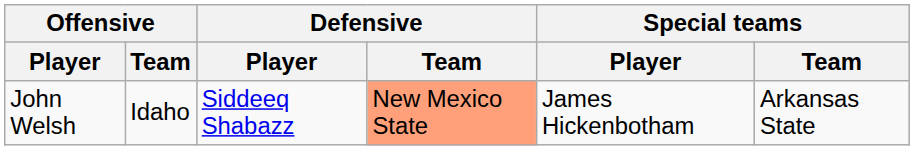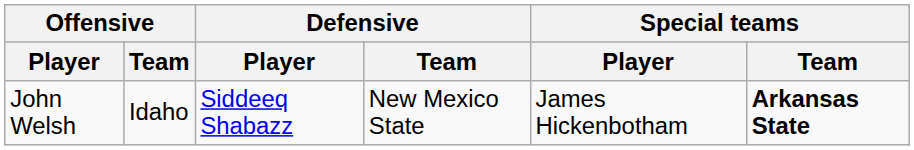 <table class="wikitable">
 <tr>
 <th colspan="2">Offensive</th>
 <th colspan="2">Defensive</th>
 <th colspan="2">Special teams</th>
 </tr>
 <tr>
 <th>Player</th>
 <th>Team</th>
 <th>Player</th>
 <th>Team</th>
 <th>Player</th>
 <th>Team</th>
 </tr>
 <tr>
 <td>John Welsh</td>
 <td>Idaho</td>
 <td><a href='#'>Siddeeq Shabazz</a></td>
-<td style="background: lightsalmon;">New Mexico State</td>
+<td>New Mexico State</td>
 <td>James Hickenbotham</td>
-<td>Arkansas State</td>
+<td><strong>Arkansas State</strong></td>
 </tr>
 </table>
